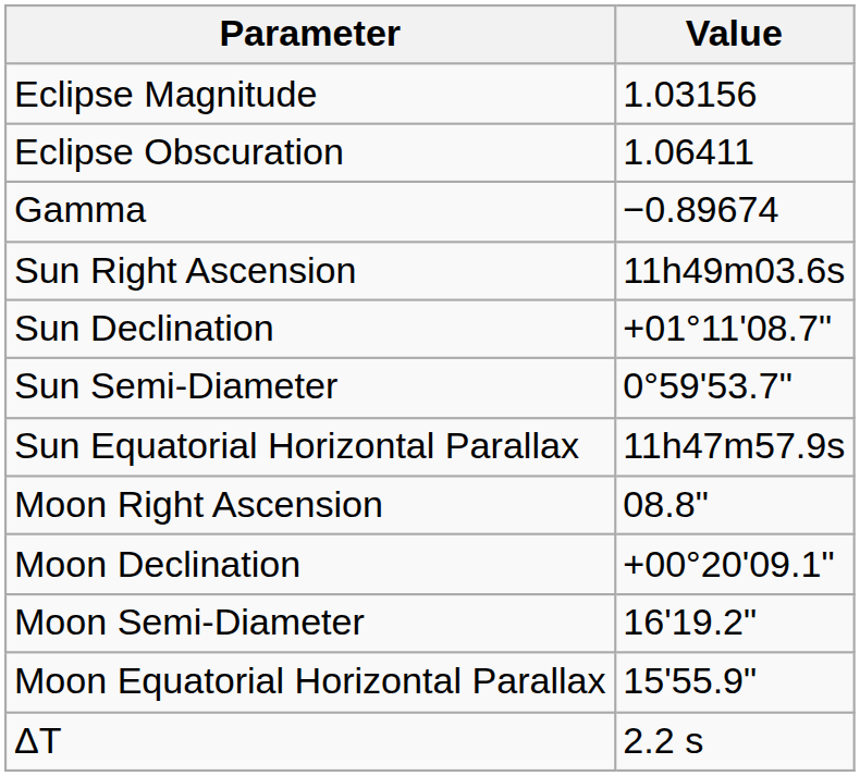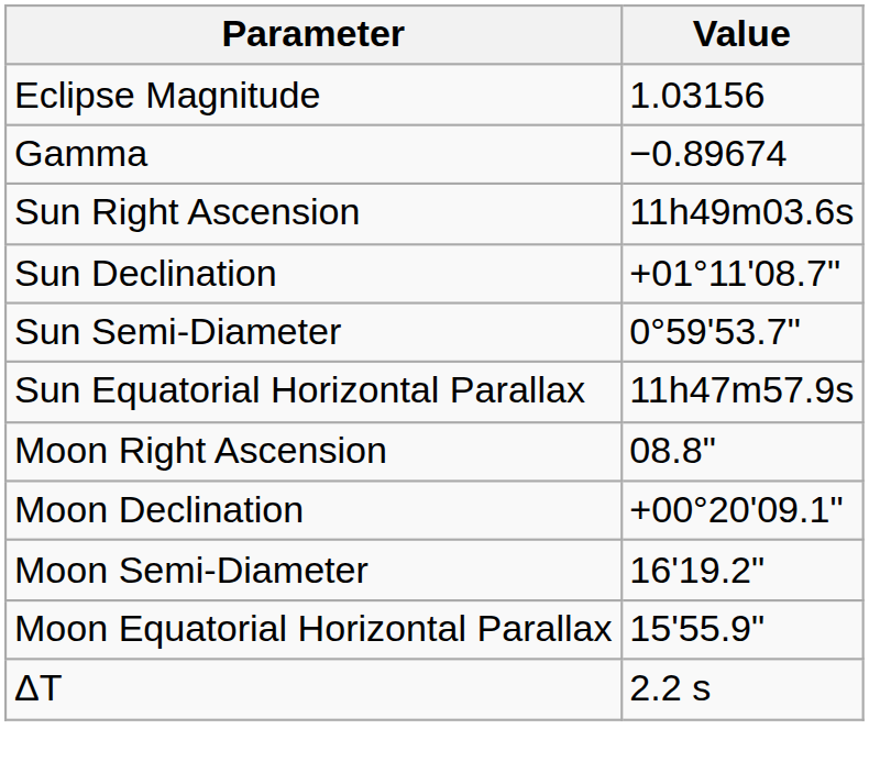 <table class="wikitable">
 <tr>
 <th>Parameter</th>
 <th>Value</th>
 </tr>
 <tr>
 <td>Eclipse Magnitude</td>
 <td>1.03156</td>
-</tr>
-<tr>
-<td>Eclipse Obscuration</td>
-<td>1.06411</td>
 </tr>
 <tr>
 <td>Gamma</td>
 <td>−0.89674</td>
 </tr>
 <tr>
 <td>Sun Right Ascension</td>
 <td>11h49m03.6s</td>
 </tr>
 <tr>
 <td>Sun Declination</td>
 <td>+01°11'08.7"</td>
 </tr>
 <tr>
 <td>Sun Semi-Diameter</td>
 <td>0°59'53.7"</td>
 </tr>
 <tr>
 <td>Sun Equatorial Horizontal Parallax</td>
 <td>11h47m57.9s</td>
 </tr>
 <tr>
 <td>Moon Right Ascension</td>
 <td>08.8"</td>
 </tr>
 <tr>
 <td>Moon Declination</td>
 <td>+00°20'09.1"</td>
 </tr>
 <tr>
 <td>Moon Semi-Diameter</td>
 <td>16'19.2"</td>
 </tr>
 <tr>
 <td>Moon Equatorial Horizontal Parallax</td>
 <td>15'55.9"</td>
 </tr>
 <tr>
 <td>ΔT</td>
 <td>2.2 s</td>
 </tr>
 </table>
